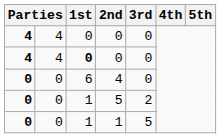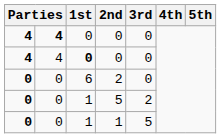 <table class="wikitable" style="text-align:right;">
 <tr>
 <th colspan=2 style="text-align:left;">Parties</th>
 <th>1st</th>
 <th>2nd</th>
 <th>3rd</th>
 <th>4th</th>
 <th>5th</th>
 </tr>
 <tr>
 <td><strong>4</strong></td>
-<td>4</td>
+<td><strong>4</strong></td>
 <td>0</td>
 <td>0</td>
 <td>0</td>
 </tr>
 <tr>
 <td><strong>4</strong></td>
 <td>4</td>
 <td><strong>0</strong></td>
 <td>0</td>
 <td>0</td>
 </tr>
 <tr>
 <td><strong>0</strong></td>
 <td>0</td>
 <td>6</td>
-<td>4</td>
+<td>2</td>
 <td>0</td>
 </tr>
 <tr>
 <td><strong>0</strong></td>
 <td>0</td>
 <td>1</td>
 <td>5</td>
 <td>2</td>
 </tr>
 <tr>
 <td><strong>0</strong></td>
 <td>0</td>
 <td>1</td>
 <td>1</td>
 <td>5</td>
 </tr>
 </table>
